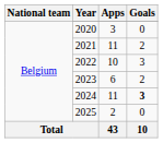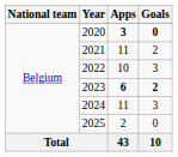 <table class="wikitable" style="text-align: center;">
 <tr>
 <th>National team</th>
 <th>Year</th>
 <th>Apps</th>
 <th>Goals</th>
 </tr>
 <tr>
 <td rowspan="7"><a href='#'>Belgium</a></td>
 </tr>
 <tr>
 <td>2020</td>
-<td>3</td>
-<td>0</td>
+<td><strong>3</strong></td>
+<td><strong>0</strong></td>
 </tr>
 <tr>
 <td>2021</td>
 <td>11</td>
 <td>2</td>
 </tr>
 <tr>
 <td>2022</td>
 <td>10</td>
 <td>3</td>
 </tr>
 <tr>
 <td>2023</td>
-<td>6</td>
-<td>2</td>
+<td><strong>6</strong></td>
+<td><strong>2</strong></td>
 </tr>
 <tr>
 <td>2024</td>
 <td>11</td>
-<td><strong>3</strong></td>
+<td>3</td>
 </tr>
 <tr>
 <td>2025</td>
 <td>2</td>
 <td>0</td>
 </tr>
 <tr>
 <th colspan="2">Total</th>
 <th>43</th>
 <th>10</th>
 </tr>
 </table>
